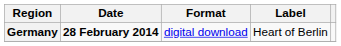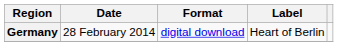 <table class="wikitable plainrowheaders">
 <tr>
 <th scope="col">Region</th>
 <th scope="col">Date</th>
 <th scope="col">Format</th>
 <th scope="col">Label</th>
 <th scope="col"></th>
 </tr>
 <tr>
 <th scope="row">Germany</th>
-<td><strong>28 February 2014</strong></td>
+<td>28 February 2014</td>
 <td><a href='#'>digital download</a></td>
 <td>Heart of Berlin</td>
 <td></td>
 </tr>
 <tr>
 </tr>
 </table>
